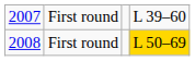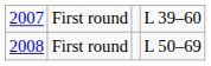 <table class="wikitable" style="text-align:center;">
 <tr>
 <td><a href='#'>2007</a></td>
 <td>First round</td>
 <td></td>
 <td>L 39–60</td>
 </tr>
 <tr>
 <td><a href='#'>2008</a></td>
 <td>First round</td>
 <td></td>
-<td style="background: gold;">L 50–69</td>
+<td>L 50–69</td>
 </tr>
 </table>
